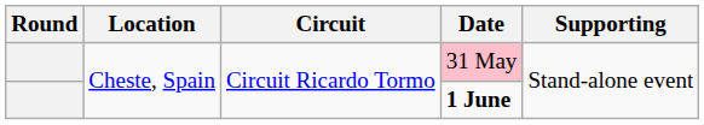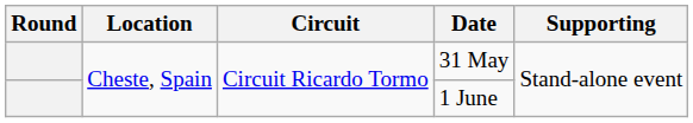 <table class="wikitable" style="font-size: 85%;">
 <tr>
 <th>Round</th>
 <th>Location</th>
 <th>Circuit</th>
 <th>Date</th>
 <th>Supporting</th>
 </tr>
 <tr>
 <th></th>
 <td rowspan=2> <a href='#'>Cheste</a>, <a href='#'>Spain</a></td>
 <td rowspan=2><a href='#'>Circuit Ricardo Tormo</a></td>
-<td style="background: pink;">31 May</td>
+<td>31 May</td>
 <td rowspan=2>Stand-alone event</td>
 </tr>
 <tr>
 <th></th>
-<td><strong>1 June</strong></td>
+<td>1 June</td>
 </tr>
 </table>
